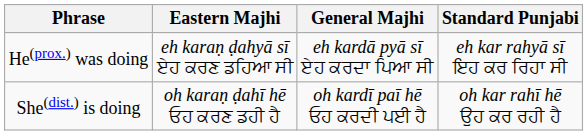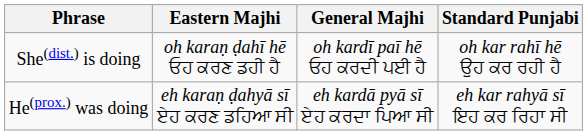 <table class="wikitable" style="text-align:center">
 <tr>
 <th>Phrase</th>
 <th>Eastern Majhi</th>
 <th>General Majhi</th>
 <th>Standard Punjabi</th>
 </tr>
 <tr>
+<td>She<sup>(<a href='#'>dist.</a>)</sup> is doing</td>
+<td><em>oh karaṇ ḍahī hē</em><br>ਓਹ ਕਰਣ ਡਹੀ ਹੈ<br> </td>
+<td><em>oh kardī paī hē</em><br>ਓਹ ਕਰਦੀ ਪਈ ਹੈ<br> </td>
+<td><em>oh kar rahī hē</em><br>ਉਹ ਕਰ ਰਹੀ ਹੈ<br> </td>
+</tr>
+<tr>
 <td>He<sup>(<a href='#'>prox.</a>)</sup> was doing</td>
 <td><em>eh karaṇ ḍahyā sī</em><br>ਏਹ ਕਰਣ ਡਹਿਆ ਸੀ<br> </td>
 <td><em>eh kardā pyā sī</em><br>ਏਹ ਕਰਦਾ ਪਿਆ ਸੀ<br> </td>
 <td><em>eh kar rahyā sī</em><br>ਇਹ ਕਰ ਰਿਹਾ ਸੀ<br> </td>
 </tr>
-<tr>
-<td>She<sup>(<a href='#'>dist.</a>)</sup> is doing</td>
-<td><em>oh karaṇ ḍahī hē</em><br>ਓਹ ਕਰਣ ਡਹੀ ਹੈ<br> </td>
-<td><em>oh kardī paī hē</em><br>ਓਹ ਕਰਦੀ ਪਈ ਹੈ<br> </td>
-<td><em>oh kar rahī hē</em><br>ਉਹ ਕਰ ਰਹੀ ਹੈ<br> </td>
-</tr>
 </table>
